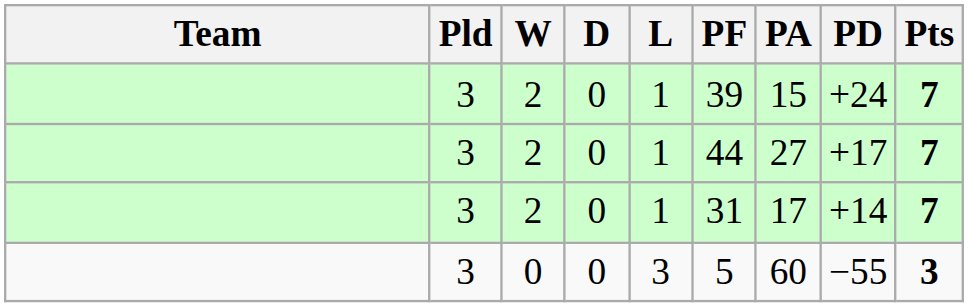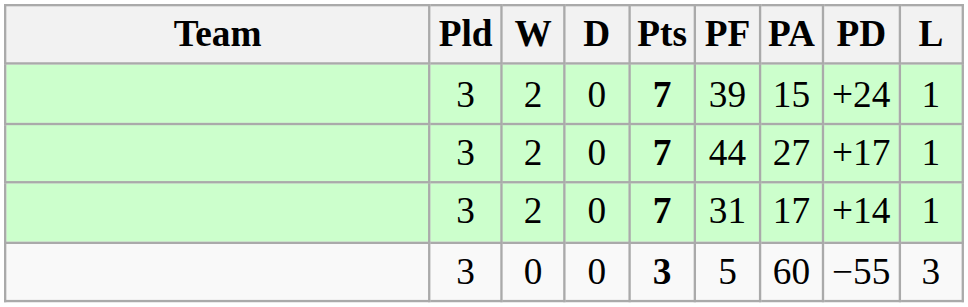 <table class="wikitable" style="text-align:center;">
 <tr>
 <th width=175>Team</th>
 <th width=20 abbr="Played">Pld</th>
 <th width=20 abbr="Won">W</th>
 <th width=20 abbr="Drawn">D</th>
-<th width=20 abbr="Lost">L</th>
+<th width=20 abbr="Points">Pts</th>
 <th width=20 abbr="Points for">PF</th>
 <th width=20 abbr="Points against">PA</th>
 <th width=25 abbr="Points difference">PD</th>
-<th width=20 abbr="Points">Pts</th>
+<th width=20 abbr="Lost">L</th>
 </tr>
 <tr bgcolor=ccffcc>
 <td align=left></td>
 <td>3</td>
 <td>2</td>
 <td>0</td>
-<td>1</td>
+<td><strong>7</strong></td>
 <td>39</td>
 <td>15</td>
 <td>+24</td>
-<td><strong>7</strong></td>
+<td>1</td>
 </tr>
 <tr bgcolor=ccffcc>
 <td align=left></td>
 <td>3</td>
 <td>2</td>
 <td>0</td>
-<td>1</td>
+<td><strong>7</strong></td>
 <td>44</td>
 <td>27</td>
 <td>+17</td>
-<td><strong>7</strong></td>
+<td>1</td>
 </tr>
 <tr bgcolor=ccffcc>
 <td align=left></td>
 <td>3</td>
 <td>2</td>
 <td>0</td>
-<td>1</td>
+<td><strong>7</strong></td>
 <td>31</td>
 <td>17</td>
 <td>+14</td>
-<td><strong>7</strong></td>
+<td>1</td>
 </tr>
 <tr>
 <td align=left></td>
 <td>3</td>
 <td>0</td>
 <td>0</td>
-<td>3</td>
+<td><strong>3</strong></td>
 <td>5</td>
 <td>60</td>
 <td>−55</td>
-<td><strong>3</strong></td>
+<td>3</td>
 </tr>
 </table>
